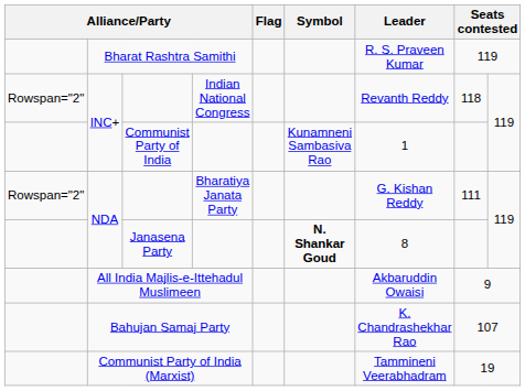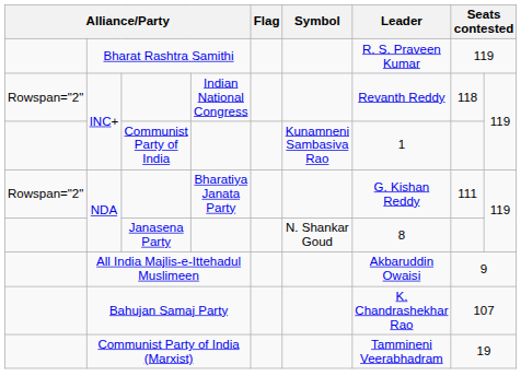 <table class="wikitable sortable" width="50%" style="text-align:center;">
 <tr>
 <th colspan="4">Alliance/Party</th>
 <th>Flag</th>
 <th>Symbol</th>
 <th>Leader</th>
 <th colspan="2">Seats contested</th>
 </tr>
 <tr>
 <td></td>
 <td colspan="3"><a href='#'>Bharat Rashtra Samithi</a></td>
 <td></td>
 <td></td>
 <td><a href='#'>R. S. Praveen Kumar</a></td>
 <td colspan="2">119</td>
 </tr>
 <tr>
 <td>Rowspan="2" </td>
 <td Rowspan="2"><a href='#'>INC</a>+</td>
 <td></td>
 <td colspan="1"><a href='#'>Indian National Congress</a></td>
 <td></td>
 <td></td>
 <td><a href='#'>Revanth Reddy</a></td>
 <td>118</td>
 <td rowspan="2">119</td>
 </tr>
 <tr>
 <td></td>
 <td colspan="1"><a href='#'>Communist Party of India</a></td>
 <td></td>
 <td></td>
 <td><a href='#'>Kunamneni Sambasiva Rao</a></td>
 <td>1</td>
 </tr>
 <tr>
 <td>Rowspan="2" </td>
 <td Rowspan="2"><a href='#'>NDA</a></td>
 <td></td>
 <td><a href='#'>Bharatiya Janata Party</a></td>
 <td></td>
 <td></td>
 <td><a href='#'>G. Kishan Reddy</a></td>
 <td>111</td>
 <td rowspan="2">119</td>
 </tr>
 <tr>
 <td></td>
 <td colspan="1"><a href='#'>Janasena Party</a></td>
 <td></td>
 <td></td>
-<td><strong>N. Shankar Goud</strong></td>
+<td>N. Shankar Goud</td>
 <td>8</td>
 </tr>
 <tr>
 <td></td>
 <td colspan="3"><a href='#'>All India Majlis-e-Ittehadul Muslimeen</a></td>
 <td></td>
 <td></td>
 <td><a href='#'>Akbaruddin Owaisi</a></td>
 <td colspan="2">9</td>
 </tr>
 <tr>
 <td></td>
 <td colspan="3"><a href='#'>Bahujan Samaj Party</a></td>
 <td></td>
 <td></td>
 <td><a href='#'>K. Chandrashekhar Rao</a></td>
 <td colspan="2">107</td>
 </tr>
 <tr>
 <td></td>
 <td colspan="3"><a href='#'>Communist Party of India (Marxist)</a></td>
 <td></td>
 <td></td>
 <td><a href='#'>Tammineni Veerabhadram</a></td>
 <td colspan="2">19</td>
 </tr>
 </table>
